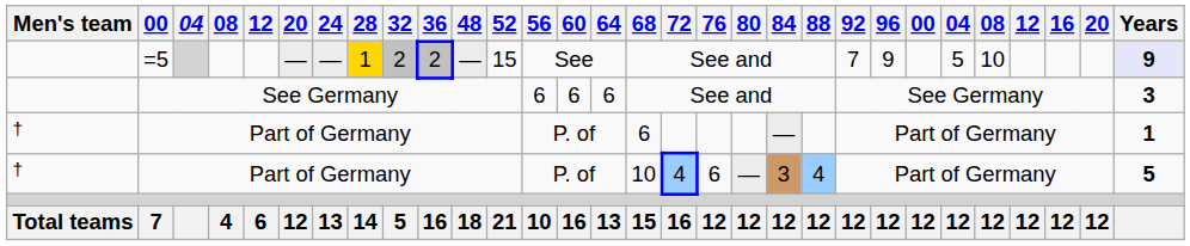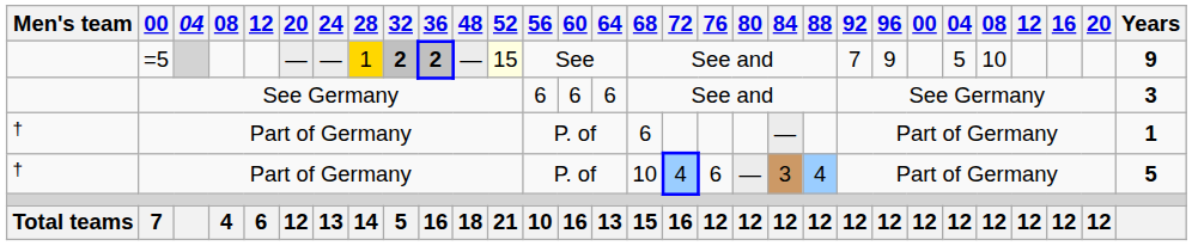 <table class="wikitable" style="text-align: center; font-size: 90%; margin-left: 1em;">
 <tr>
 <th>Men's team</th>
 <th><a href='#'>00</a></th>
 <th><em><a href='#'>04</a></em></th>
 <th><a href='#'>08</a></th>
 <th><a href='#'>12</a></th>
 <th><a href='#'>20</a></th>
 <th><a href='#'>24</a></th>
 <th><a href='#'>28</a></th>
 <th><a href='#'>32</a></th>
 <th><a href='#'>36</a></th>
 <th><a href='#'>48</a></th>
 <th><a href='#'>52</a></th>
 <th><a href='#'>56</a></th>
 <th><a href='#'>60</a></th>
 <th><a href='#'>64</a></th>
 <th><a href='#'>68</a></th>
 <th><a href='#'>72</a></th>
 <th><a href='#'>76</a></th>
 <th><a href='#'>80</a></th>
 <th><a href='#'>84</a></th>
 <th><a href='#'>88</a></th>
 <th><a href='#'>92</a></th>
 <th><a href='#'>96</a></th>
 <th><a href='#'>00</a></th>
 <th><a href='#'>04</a></th>
 <th><a href='#'>08</a></th>
 <th><a href='#'>12</a></th>
 <th><a href='#'>16</a></th>
 <th><a href='#'>20</a></th>
 <th>Years</th>
 </tr>
 <tr>
 <td style="text-align: left;"></td>
 <td>=5</td>
 <td style="background-color: lightgray;"></td>
 <td></td>
 <td></td>
 <td style="background-color: #ececec;">—</td>
 <td style="background-color: #ececec;">—</td>
 <td style="background-color: gold;">1</td>
-<td style="background-color: silver;">2</td>
-<td style="border: 2px solid blue; background-color: silver;">2</td>
+<td style="background-color: silver;"><strong>2</strong></td>
+<td style="border: 2px solid blue; background-color: silver;"><strong>2</strong></td>
 <td style="background-color: #ececec;">—</td>
-<td>15</td>
+<td style="background: lightyellow;">15</td>
 <td colspan="3">See <em></em></td>
 <td colspan="6">See <em></em> and <em></em></td>
 <td>7</td>
 <td>9</td>
 <td></td>
 <td>5</td>
 <td>10</td>
 <td></td>
 <td></td>
 <td></td>
-<td style="background: lavender;"><strong>9</strong></td>
+<td><strong>9</strong></td>
 </tr>
 <tr>
 <td style="text-align: left;"></td>
 <td colspan="11">See Germany</td>
 <td>6</td>
 <td>6</td>
 <td>6</td>
 <td colspan="6">See <em></em> and <em></em></td>
 <td colspan="8">See Germany</td>
 <td><strong>3</strong></td>
 </tr>
 <tr>
 <td style="text-align: left;"><em></em><sup>†</sup></td>
 <td colspan="11">Part of Germany</td>
 <td colspan="3">P. of <em></em></td>
 <td>6</td>
 <td></td>
 <td></td>
 <td></td>
 <td style="background-color: #ececec;">—</td>
 <td></td>
 <td colspan="8">Part of Germany</td>
 <td><strong>1</strong></td>
 </tr>
 <tr>
 <td style="text-align: left;"><em></em><sup>†</sup></td>
 <td colspan="11">Part of Germany</td>
 <td colspan="3">P. of <em></em></td>
 <td>10</td>
 <td style="border: 2px solid blue; background-color: #9acdff;">4</td>
 <td>6</td>
 <td style="background-color: #ececec;">—</td>
 <td style="background-color: #cc9966;">3</td>
 <td style="background-color: #9acdff;">4</td>
 <td colspan="8">Part of Germany</td>
 <td><strong>5</strong></td>
 </tr>
 <tr style="background-color: lightgrey;">
 <td colspan="30"></td>
 </tr>
 <tr>
 <th>Total teams</th>
 <th>7</th>
 <th></th>
 <th>4</th>
 <th>6</th>
 <th>12</th>
 <th>13</th>
 <th>14</th>
 <th>5</th>
 <th>16</th>
 <th>18</th>
 <th>21</th>
 <th>10</th>
 <th>16</th>
 <th>13</th>
 <th>15</th>
 <th>16</th>
 <th>12</th>
 <th>12</th>
 <th>12</th>
 <th>12</th>
 <th>12</th>
 <th>12</th>
 <th>12</th>
 <th>12</th>
 <th>12</th>
 <th>12</th>
 <th>12</th>
 <th>12</th>
 <th></th>
 </tr>
 </table>
